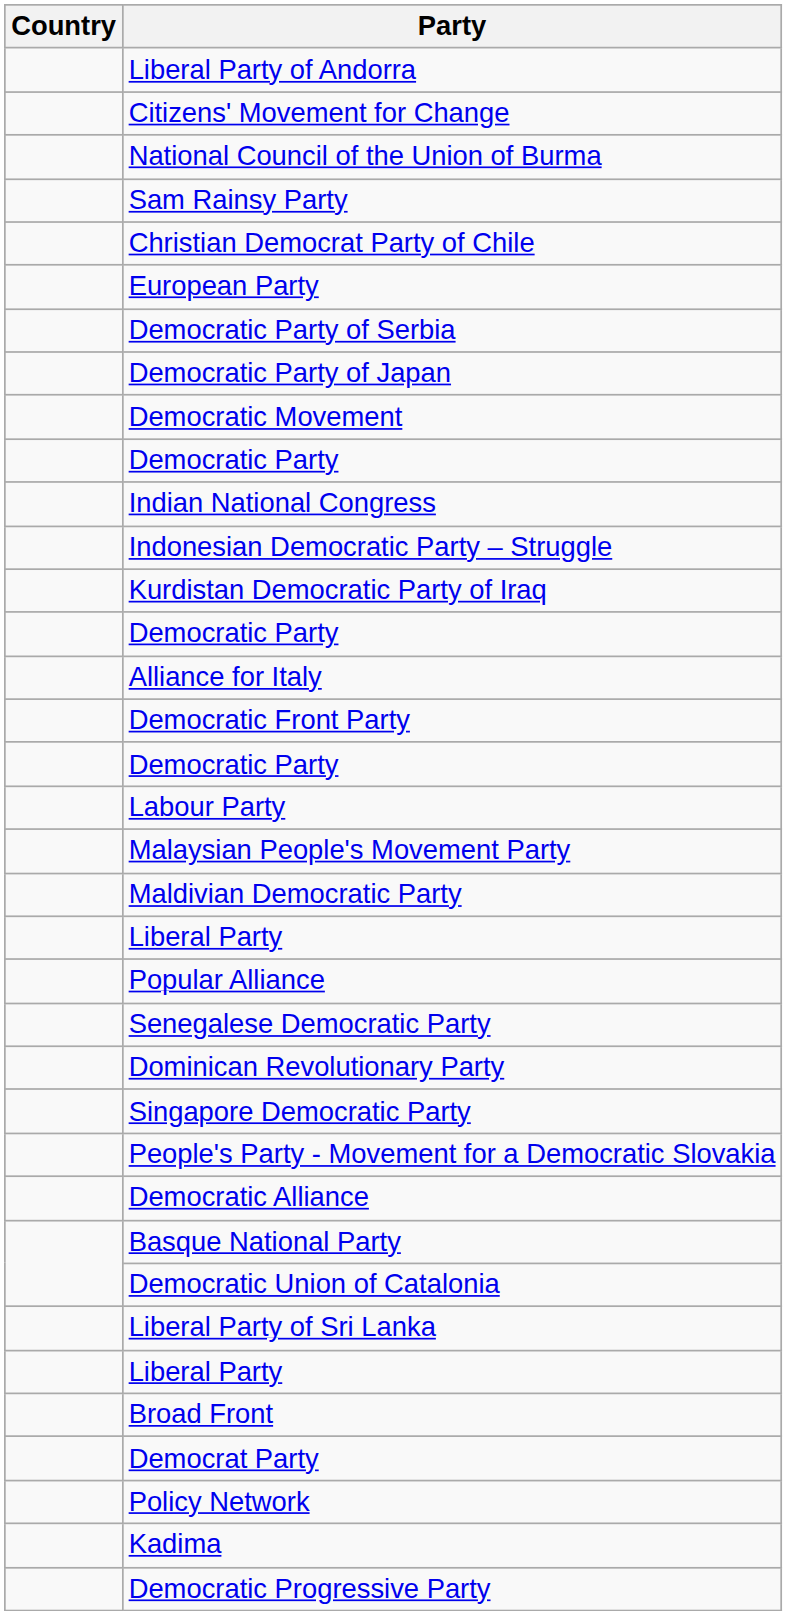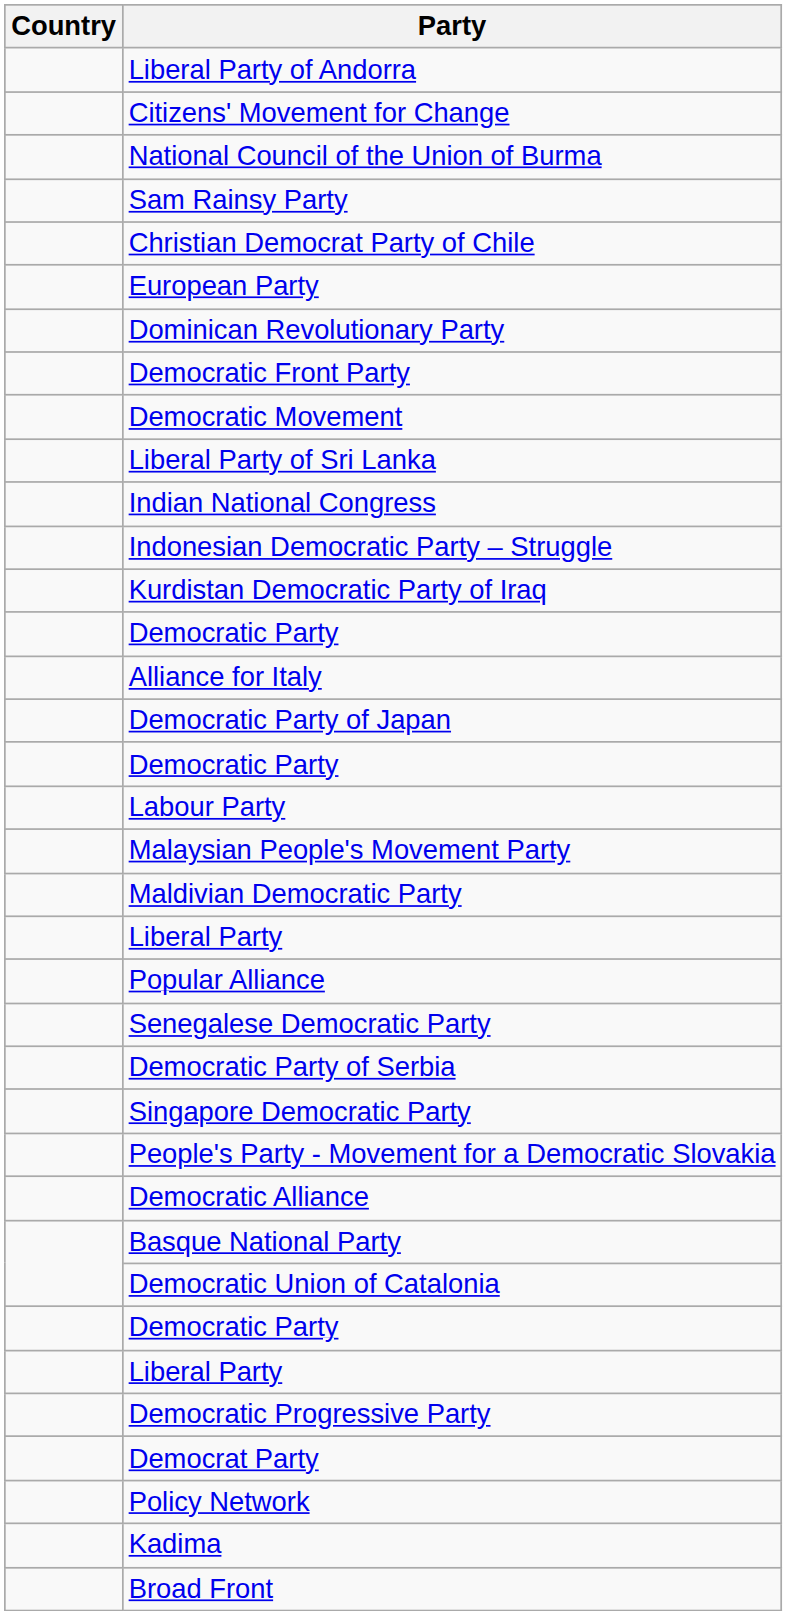 <table class="wikitable">
 <tr>
 <th>Country</th>
 <th>Party</th>
 </tr>
 <tr>
 <td></td>
 <td><a href='#'>Liberal Party of Andorra</a></td>
 </tr>
 <tr>
 <td></td>
 <td><a href='#'>Citizens' Movement for Change</a></td>
 </tr>
 <tr>
 <td></td>
 <td><a href='#'>National Council of the Union of Burma</a></td>
 </tr>
 <tr>
 <td></td>
 <td><a href='#'>Sam Rainsy Party</a></td>
 </tr>
 <tr>
 <td></td>
 <td><a href='#'>Christian Democrat Party of Chile</a></td>
 </tr>
 <tr>
 <td></td>
 <td><a href='#'>European Party</a></td>
 </tr>
 <tr>
 <td></td>
-<td><a href='#'>Democratic Party of Serbia</a></td>
+<td><a href='#'>Dominican Revolutionary Party</a></td>
 </tr>
 <tr>
 <td></td>
-<td><a href='#'>Democratic Party of Japan</a></td>
+<td><a href='#'>Democratic Front Party</a></td>
 </tr>
 <tr>
 <td></td>
 <td><a href='#'>Democratic Movement</a></td>
 </tr>
 <tr>
 <td></td>
-<td><a href='#'>Democratic Party</a></td>
+<td><a href='#'>Liberal Party of Sri Lanka</a></td>
 </tr>
 <tr>
 <td></td>
 <td><a href='#'>Indian National Congress</a></td>
 </tr>
 <tr>
 <td></td>
 <td><a href='#'>Indonesian Democratic Party – Struggle</a></td>
 </tr>
 <tr>
 <td></td>
 <td><a href='#'>Kurdistan Democratic Party of Iraq</a></td>
 </tr>
 <tr>
 <td></td>
 <td><a href='#'>Democratic Party</a></td>
 </tr>
 <tr>
 <td></td>
 <td><a href='#'>Alliance for Italy</a></td>
 </tr>
 <tr>
 <td></td>
-<td><a href='#'>Democratic Front Party</a></td>
+<td><a href='#'>Democratic Party of Japan</a></td>
 </tr>
 <tr>
 <td></td>
 <td><a href='#'>Democratic Party</a></td>
 </tr>
 <tr>
 <td></td>
 <td><a href='#'>Labour Party</a></td>
 </tr>
 <tr>
 <td></td>
 <td><a href='#'>Malaysian People's Movement Party</a></td>
 </tr>
 <tr>
 <td></td>
 <td><a href='#'>Maldivian Democratic Party</a></td>
 </tr>
 <tr>
 <td></td>
 <td><a href='#'>Liberal Party</a></td>
 </tr>
 <tr>
 <td></td>
 <td><a href='#'>Popular Alliance</a></td>
 </tr>
 <tr>
 <td></td>
 <td><a href='#'>Senegalese Democratic Party</a></td>
 </tr>
 <tr>
 <td></td>
-<td><a href='#'>Dominican Revolutionary Party</a></td>
+<td><a href='#'>Democratic Party of Serbia</a></td>
 </tr>
 <tr>
 <td></td>
 <td><a href='#'>Singapore Democratic Party</a></td>
 </tr>
 <tr>
 <td></td>
 <td><a href='#'>People's Party - Movement for a Democratic Slovakia</a></td>
 </tr>
 <tr>
 <td></td>
 <td><a href='#'>Democratic Alliance</a></td>
 </tr>
 <tr>
 <td rowspan="2"></td>
 <td><a href='#'>Basque National Party</a></td>
 </tr>
 <tr>
 <td><a href='#'>Democratic Union of Catalonia</a></td>
 </tr>
 <tr>
 <td></td>
-<td><a href='#'>Liberal Party of Sri Lanka</a></td>
+<td><a href='#'>Democratic Party</a></td>
 </tr>
 <tr>
 <td></td>
 <td><a href='#'>Liberal Party</a></td>
 </tr>
 <tr>
 <td></td>
-<td><a href='#'>Broad Front</a></td>
+<td><a href='#'>Democratic Progressive Party</a></td>
 </tr>
 <tr>
 <td></td>
 <td><a href='#'>Democrat Party</a></td>
 </tr>
 <tr>
 <td></td>
 <td><a href='#'>Policy Network</a></td>
 </tr>
 <tr>
 <td></td>
 <td><a href='#'>Kadima</a></td>
 </tr>
 <tr>
 <td></td>
-<td><a href='#'>Democratic Progressive Party</a></td>
+<td><a href='#'>Broad Front</a></td>
 </tr>
 </table>
